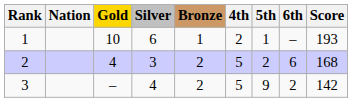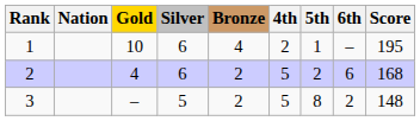 <table class="wikitable sortable" style="text-align:center">
 <tr>
 <th>Rank</th>
 <th>Nation</th>
 <td bgcolor="gold"><strong>Gold</strong></td>
 <td bgcolor="silver"><strong>Silver</strong></td>
 <td bgcolor=cc9966><strong>Bronze</strong></td>
 <th>4th</th>
 <th>5th</th>
 <th>6th</th>
 <th>Score</th>
 </tr>
 <tr>
 <td>1</td>
 <td align=left></td>
 <td>10</td>
 <td>6</td>
-<td>1</td>
+<td>4</td>
 <td>2</td>
 <td>1</td>
 <td>–</td>
-<td>193</td>
+<td>195</td>
 </tr>
 <tr style="background-color:#ccccff">
 <td>2</td>
 <td align=left></td>
 <td>4</td>
-<td>3</td>
+<td>6</td>
 <td>2</td>
 <td>5</td>
 <td>2</td>
 <td>6</td>
 <td>168</td>
 </tr>
 <tr>
 <td>3</td>
 <td align=left></td>
 <td>–</td>
-<td>4</td>
+<td>5</td>
 <td>2</td>
 <td>5</td>
-<td>9</td>
+<td>8</td>
 <td>2</td>
-<td>142</td>
+<td>148</td>
 </tr>
 </table>
